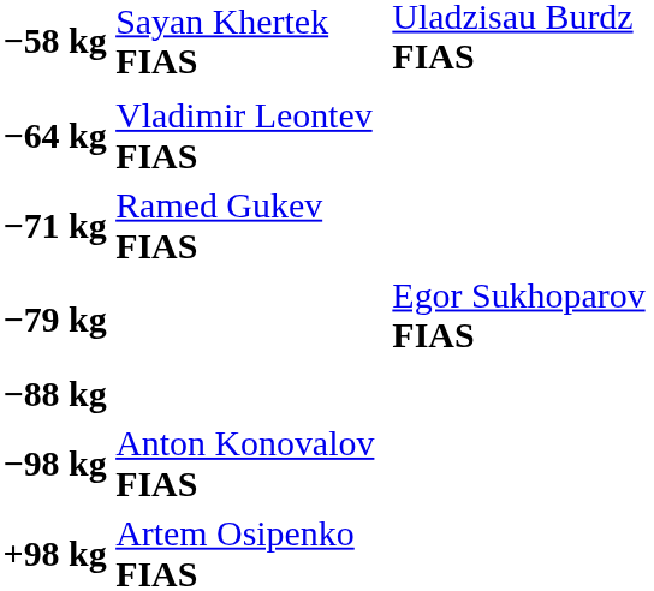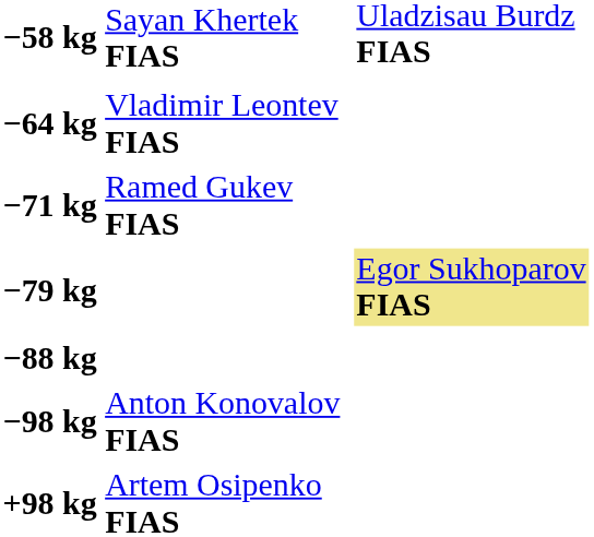 <table>
 <tr>
 <th rowspan=2>−58 kg</th>
 <td rowspan=2><a href='#'>Sayan Khertek</a><br> <strong>FIAS</strong></td>
 <td rowspan=2></td>
 <td><a href='#'>Uladzisau Burdz</a><br><strong>FIAS</strong></td>
 </tr>
 <tr>
 <td></td>
 </tr>
 <tr>
 <th rowspan=2>−64 kg</th>
 <td rowspan=2><a href='#'>Vladimir Leontev</a><br> <strong>FIAS</strong></td>
 <td rowspan=2></td>
 <td></td>
 </tr>
 <tr>
 <td></td>
 </tr>
 <tr>
 <th rowspan=2>−71 kg</th>
 <td rowspan=2><a href='#'>Ramed Gukev</a><br><strong>FIAS</strong></td>
 <td rowspan=2></td>
 <td></td>
 </tr>
 <tr>
 <td></td>
 </tr>
 <tr>
 <th rowspan=2>−79 kg</th>
 <td rowspan=2></td>
 <td rowspan=2></td>
-<td><a href='#'>Egor Sukhoparov</a><br><strong>FIAS</strong></td>
+<td style="background: khaki;"><a href='#'>Egor Sukhoparov</a><br><strong>FIAS</strong></td>
 </tr>
 <tr>
 <td></td>
 </tr>
 <tr>
 <th rowspan=2>−88 kg</th>
 <td rowspan=2></td>
 <td rowspan=2></td>
 <td></td>
 </tr>
 <tr>
 <td></td>
 </tr>
 <tr>
 <th rowspan=2>−98 kg</th>
 <td rowspan=2><a href='#'>Anton Konovalov</a><br><strong>FIAS</strong></td>
 <td rowspan=2></td>
 <td></td>
 </tr>
 <tr>
 <td></td>
 </tr>
 <tr>
 <th rowspan=2>+98 kg</th>
 <td rowspan=2><a href='#'>Artem Osipenko</a><br><strong>FIAS</strong></td>
 <td rowspan=2></td>
 <td></td>
 </tr>
 <tr>
 <td></td>
 </tr>
 </table>
